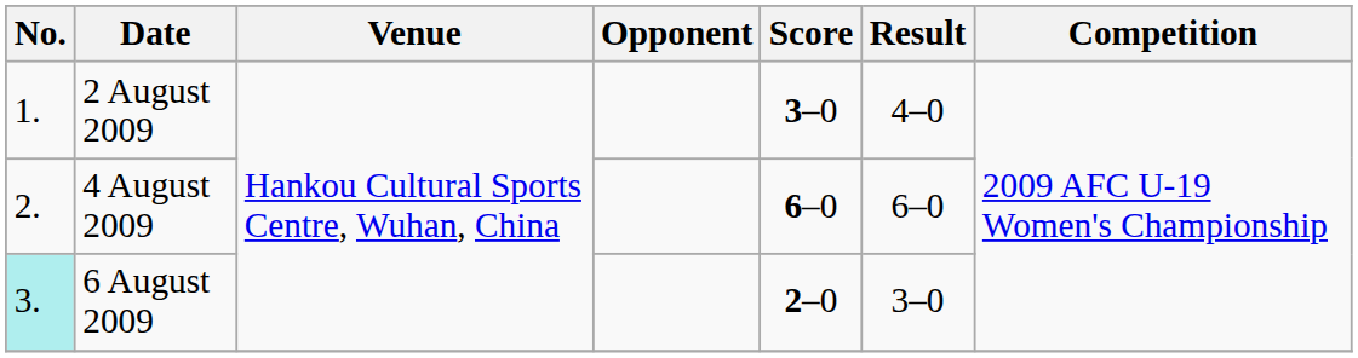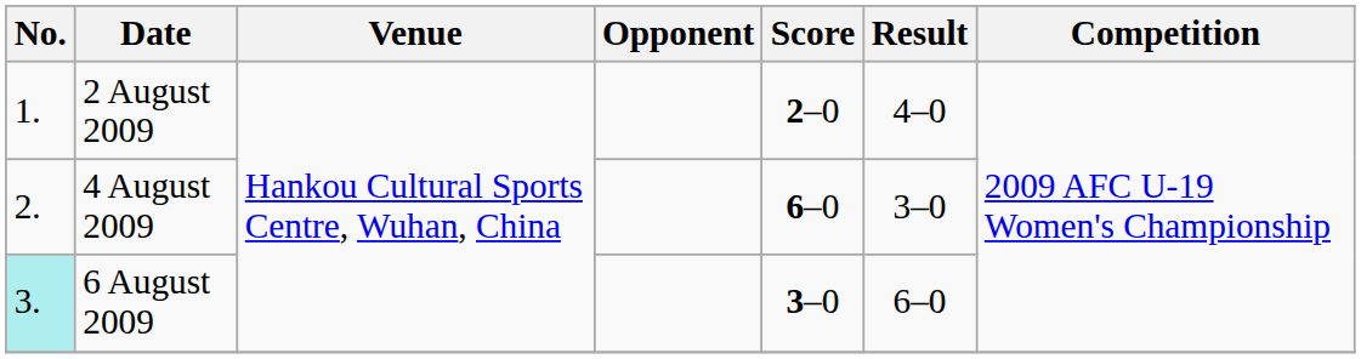 <table class="wikitable">
 <tr>
 <th>No.</th>
 <th>Date</th>
 <th>Venue</th>
 <th>Opponent</th>
 <th>Score</th>
 <th>Result</th>
 <th>Competition</th>
 </tr>
 <tr>
 <td>1.</td>
 <td>2 August 2009</td>
 <td rowspan=3><a href='#'>Hankou Cultural Sports Centre</a>, <a href='#'>Wuhan</a>, <a href='#'>China</a></td>
 <td></td>
-<td align=center><strong>3</strong>–0</td>
+<td align=center><strong>2</strong>–0</td>
 <td align=center>4–0</td>
 <td rowspan=3><a href='#'>2009 AFC U-19 Women's Championship</a></td>
 </tr>
 <tr>
 <td>2.</td>
 <td>4 August 2009</td>
 <td></td>
 <td align=center><strong>6</strong>–0</td>
-<td align=center>6–0</td>
+<td align=center>3–0</td>
 </tr>
 <tr>
 <td style="background: paleturquoise;">3.</td>
 <td>6 August 2009</td>
 <td></td>
-<td align=center><strong>2</strong>–0</td>
-<td align=center>3–0</td>
+<td align=center><strong>3</strong>–0</td>
+<td align=center>6–0</td>
 </tr>
 <tr>
 </tr>
 </table>
